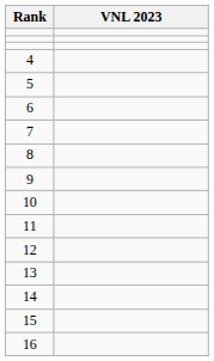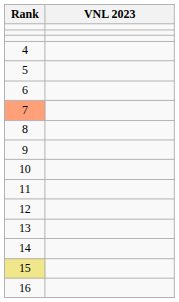 <table class="wikitable sortable" style="font-size:85%; text-align:center;">
 <tr>
 <th width=40>Rank</th>
 <th width=140>VNL 2023</th>
 </tr>
 <tr>
 <td></td>
 <td style="text-align:left"></td>
 </tr>
 <tr>
 <td></td>
 <td style="text-align:left"></td>
 </tr>
 <tr>
 <td></td>
 <td style="text-align:left"></td>
 </tr>
 <tr>
 <td>4</td>
 <td style="text-align:left"></td>
 </tr>
 <tr>
 <td>5</td>
 <td style="text-align:left"></td>
 </tr>
 <tr>
 <td>6</td>
 <td style="text-align:left"></td>
 </tr>
 <tr>
-<td>7</td>
+<td style="background: lightsalmon;">7</td>
 <td style="text-align:left"></td>
 </tr>
 <tr>
 <td>8</td>
 <td style="text-align:left"></td>
 </tr>
 <tr>
 <td>9</td>
 <td style="text-align:left"></td>
 </tr>
 <tr>
 <td>10</td>
 <td style="text-align:left"></td>
 </tr>
 <tr>
 <td>11</td>
 <td style="text-align:left"></td>
 </tr>
 <tr>
 <td>12</td>
 <td style="text-align:left"></td>
 </tr>
 <tr>
 <td>13</td>
 <td style="text-align:left"></td>
 </tr>
 <tr>
 <td>14</td>
 <td style="text-align:left"></td>
 </tr>
 <tr>
-<td>15</td>
+<td style="background: khaki;">15</td>
 <td style="text-align:left"></td>
 </tr>
 <tr>
 <td>16</td>
 <td style="text-align:left"></td>
 </tr>
 </table>
